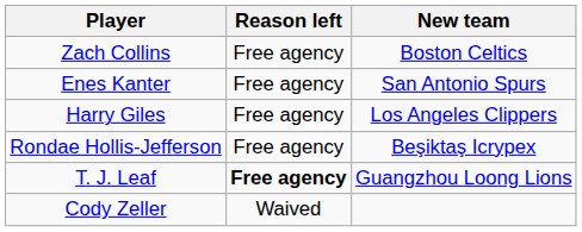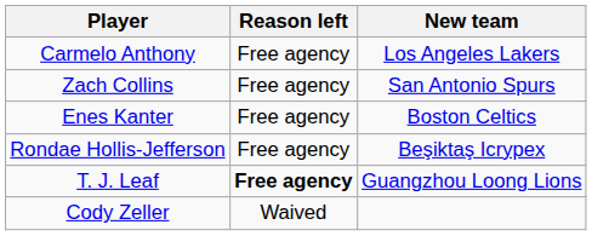 <table class="wikitable sortable sortable" style="text-align: center">
 <tr>
 <th>Player</th>
 <th>Reason left</th>
 <th>New team</th>
 </tr>
 <tr>
+<td><a href='#'>Carmelo Anthony</a></td>
+<td>Free agency</td>
+<td><a href='#'>Los Angeles Lakers</a></td>
+</tr>
+<tr>
 <td><a href='#'>Zach Collins</a></td>
 <td>Free agency</td>
-<td><a href='#'>Boston Celtics</a></td>
+<td><a href='#'>San Antonio Spurs</a></td>
 </tr>
 <tr>
 <td><a href='#'>Enes Kanter</a></td>
 <td>Free agency</td>
-<td><a href='#'>San Antonio Spurs</a></td>
-</tr>
-<tr>
-<td><a href='#'>Harry Giles</a></td>
-<td>Free agency</td>
-<td><a href='#'>Los Angeles Clippers</a></td>
+<td><a href='#'>Boston Celtics</a></td>
 </tr>
 <tr>
 <td><a href='#'>Rondae Hollis-Jefferson</a></td>
 <td>Free agency</td>
 <td><a href='#'>Beşiktaş Icrypex</a></td>
 </tr>
 <tr>
 <td><a href='#'>T. J. Leaf</a></td>
 <td><strong>Free agency</strong></td>
 <td><a href='#'>Guangzhou Loong Lions</a></td>
 </tr>
 <tr>
 <td><a href='#'>Cody Zeller</a></td>
 <td>Waived</td>
 <td></td>
 </tr>
 </table>
